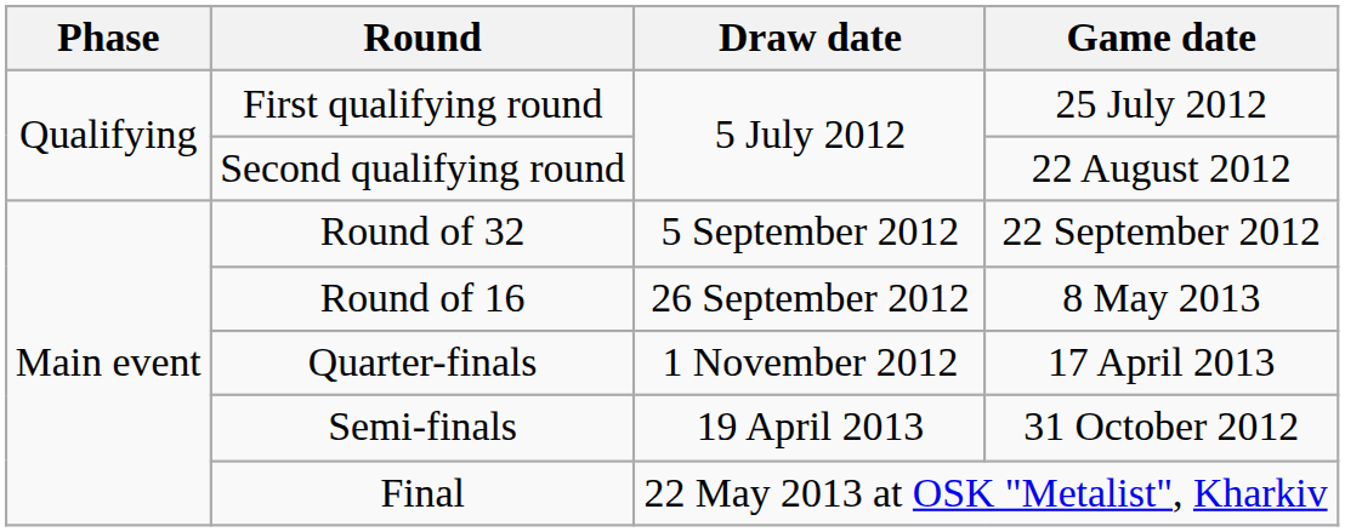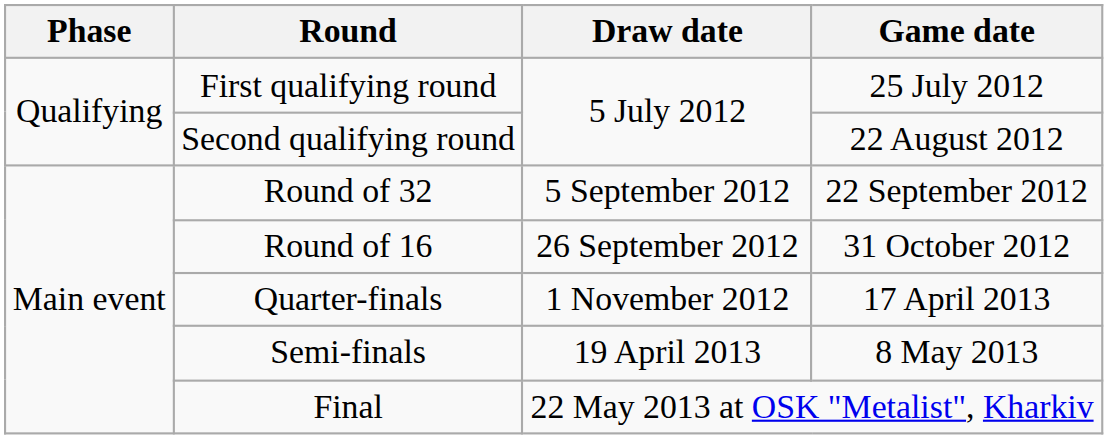 <table class="wikitable" style="text-align:center">
 <tr>
 <th>Phase</th>
 <th>Round</th>
 <th>Draw date</th>
 <th>Game date</th>
 </tr>
 <tr>
 <td rowspan=2>Qualifying</td>
 <td>First qualifying round</td>
 <td rowspan=2>5 July 2012</td>
 <td>25 July 2012</td>
 </tr>
 <tr>
 <td>Second qualifying round</td>
 <td>22 August 2012</td>
 </tr>
 <tr>
 <td rowspan=5>Main event</td>
 <td>Round of 32</td>
 <td>5 September 2012</td>
 <td>22 September 2012</td>
 </tr>
 <tr>
 <td>Round of 16</td>
 <td>26 September 2012</td>
-<td>8 May 2013</td>
+<td>31 October 2012</td>
 </tr>
 <tr>
 <td>Quarter-finals</td>
 <td>1 November 2012</td>
 <td>17 April 2013</td>
 </tr>
 <tr>
 <td>Semi-finals</td>
 <td>19 April 2013</td>
-<td>31 October 2012</td>
+<td>8 May 2013</td>
 </tr>
 <tr>
 <td>Final</td>
 <td colspan="2">22 May 2013 at <a href='#'>OSK "Metalist"</a>, <a href='#'>Kharkiv</a></td>
 </tr>
 </table>
